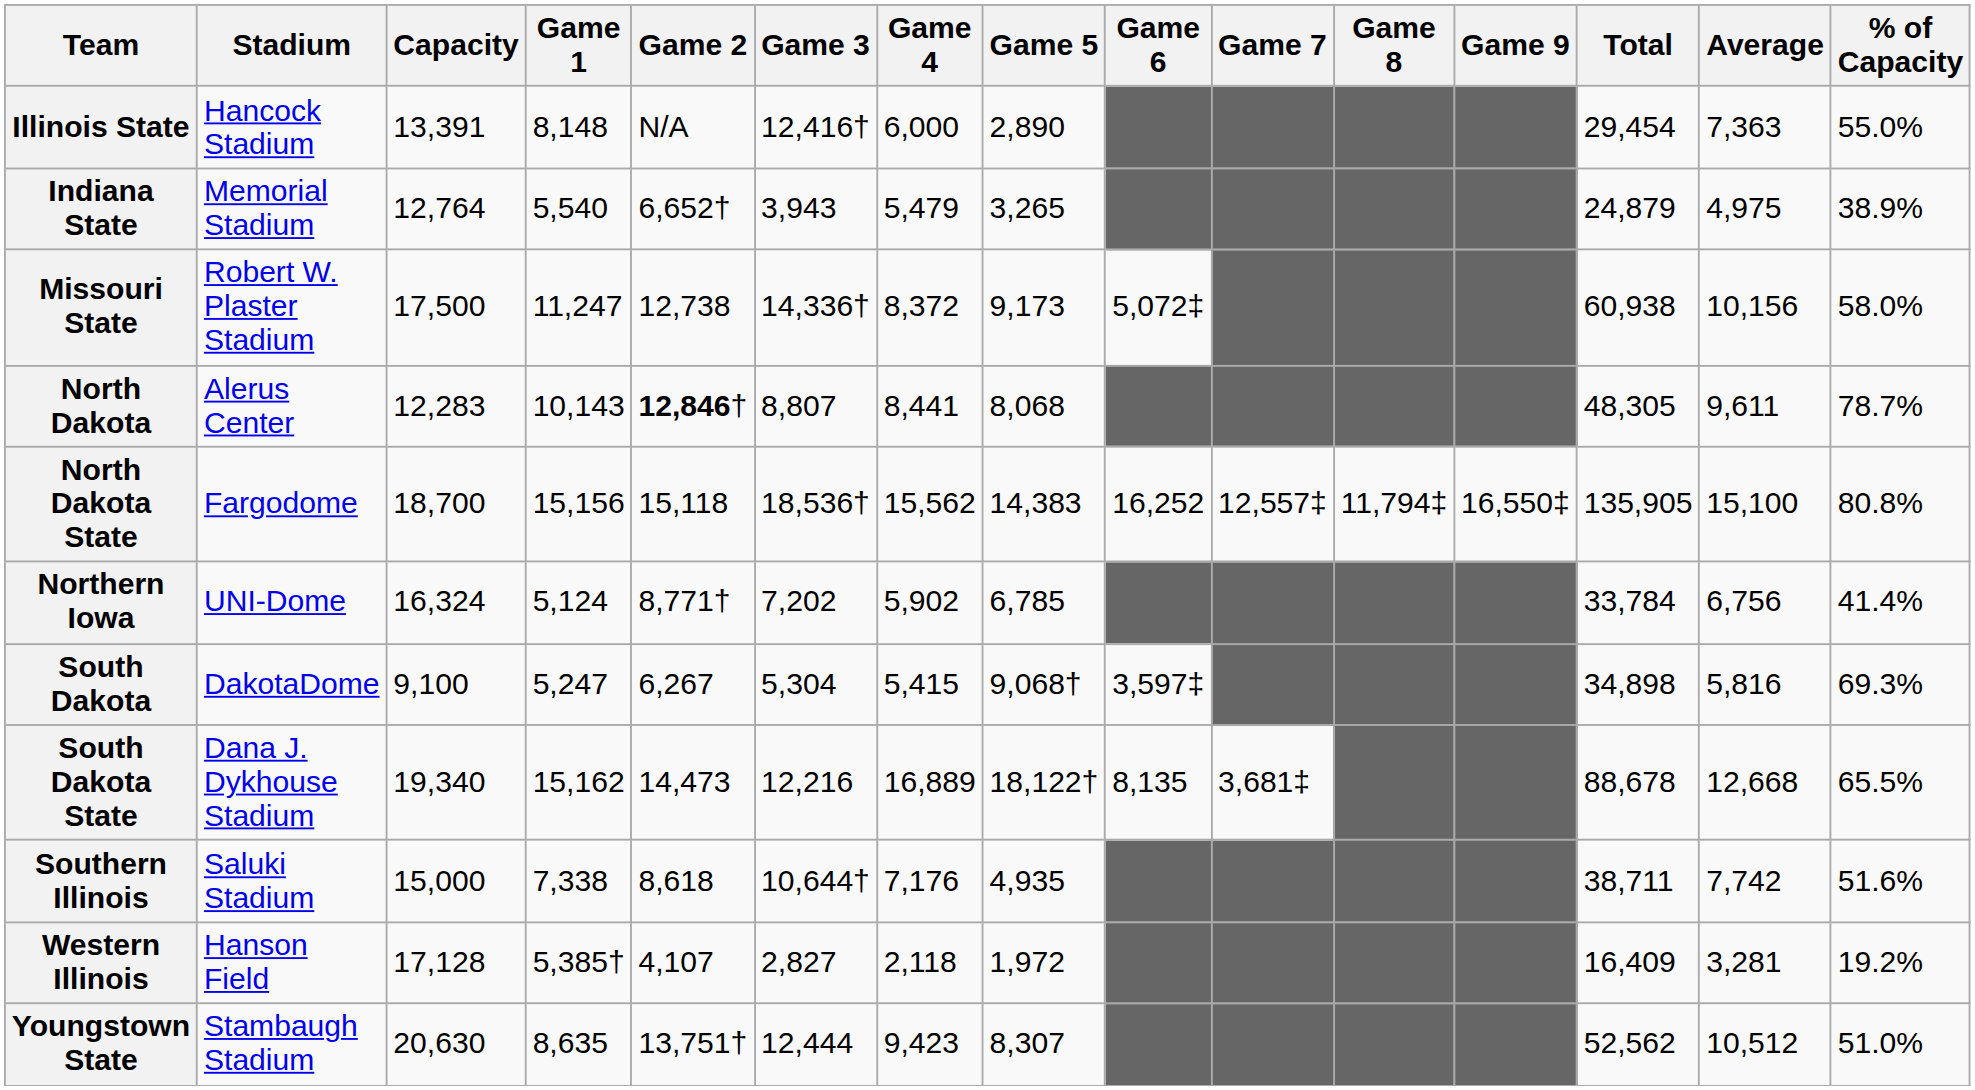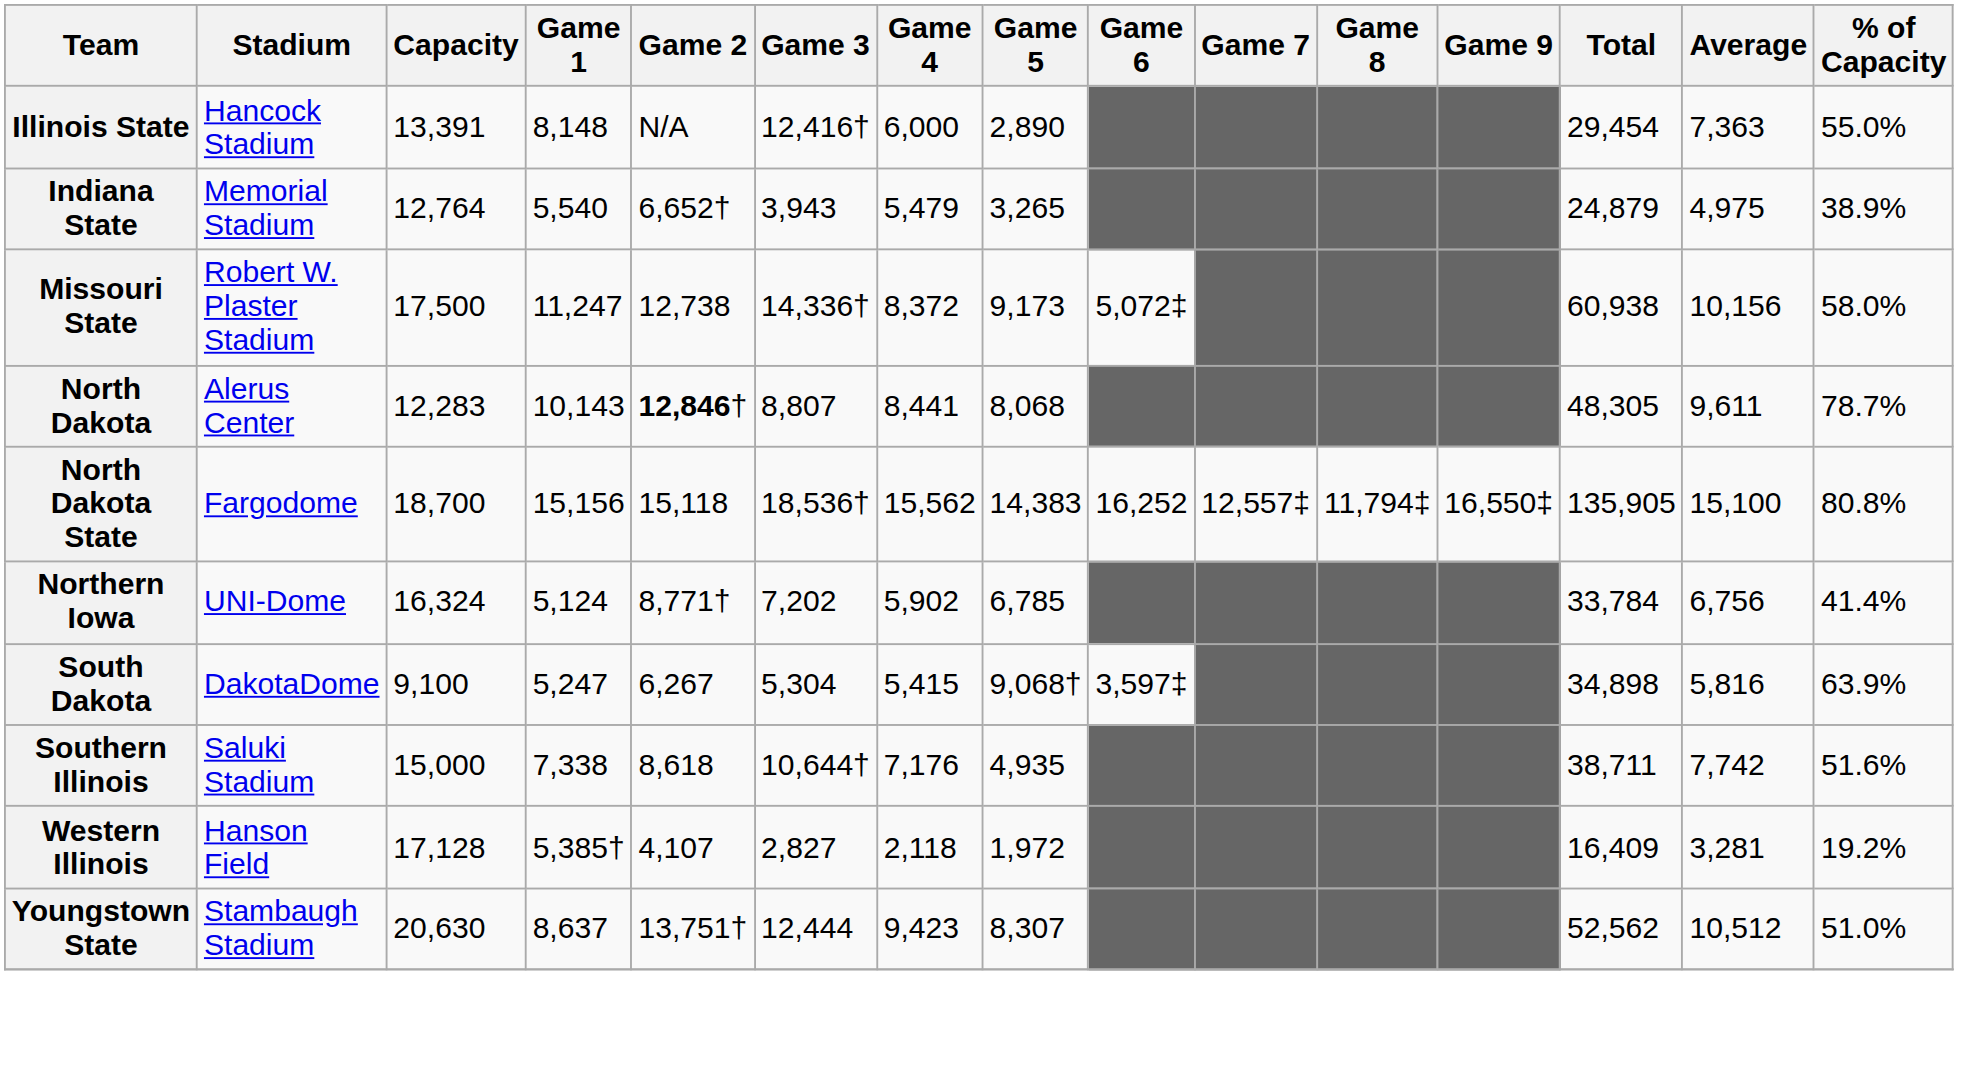 <table class="wikitable sortable">
 <tr>
 <th>Team</th>
 <th>Stadium</th>
 <th>Capacity</th>
 <th>Game 1</th>
 <th>Game 2</th>
 <th>Game 3</th>
 <th>Game 4</th>
 <th>Game 5</th>
 <th>Game 6</th>
 <th>Game 7</th>
 <th>Game 8</th>
 <th>Game 9</th>
 <th>Total</th>
 <th>Average</th>
 <th>% of Capacity</th>
 </tr>
 <tr>
 <th>Illinois State</th>
 <td><a href='#'>Hancock Stadium</a></td>
 <td>13,391</td>
 <td>8,148</td>
 <td>N/A</td>
 <td>12,416†</td>
 <td>6,000</td>
 <td>2,890</td>
 <td style="background:#666666;"></td>
 <td style="background:#666666;"></td>
 <td style="background:#666666;"></td>
 <td style="background:#666666;"></td>
 <td>29,454</td>
 <td>7,363</td>
 <td>55.0%</td>
 </tr>
 <tr>
 <th>Indiana State</th>
 <td><a href='#'>Memorial Stadium</a></td>
 <td>12,764</td>
 <td>5,540</td>
 <td>6,652†</td>
 <td>3,943</td>
 <td>5,479</td>
 <td>3,265</td>
 <td style="background:#666666;"></td>
 <td style="background:#666666;"></td>
 <td style="background:#666666;"></td>
 <td style="background:#666666;"></td>
 <td>24,879</td>
 <td>4,975</td>
 <td>38.9%</td>
 </tr>
 <tr>
 <th>Missouri State</th>
 <td><a href='#'>Robert W. Plaster Stadium</a></td>
 <td>17,500</td>
 <td>11,247</td>
 <td>12,738</td>
 <td>14,336†</td>
 <td>8,372</td>
 <td>9,173</td>
 <td>5,072‡</td>
 <td style="background:#666666;"></td>
 <td style="background:#666666;"></td>
 <td style="background:#666666;"></td>
 <td>60,938</td>
 <td>10,156</td>
 <td>58.0%</td>
 </tr>
 <tr>
 <th>North Dakota</th>
 <td><a href='#'>Alerus Center</a></td>
 <td>12,283</td>
 <td>10,143</td>
 <td><strong>12,846</strong>†</td>
 <td>8,807</td>
 <td>8,441</td>
 <td>8,068</td>
 <td style="background:#666666;"></td>
 <td style="background:#666666;"></td>
 <td style="background:#666666;"></td>
 <td style="background:#666666;"></td>
 <td>48,305</td>
 <td>9,611</td>
 <td>78.7%</td>
 </tr>
 <tr>
 <th>North Dakota State</th>
 <td><a href='#'>Fargodome</a></td>
 <td>18,700</td>
 <td>15,156</td>
 <td>15,118</td>
 <td>18,536†</td>
 <td>15,562</td>
 <td>14,383</td>
 <td>16,252</td>
 <td>12,557‡</td>
 <td>11,794‡</td>
 <td>16,550‡</td>
 <td>135,905</td>
 <td>15,100</td>
 <td>80.8%</td>
 </tr>
 <tr>
 <th>Northern Iowa</th>
 <td><a href='#'>UNI-Dome</a></td>
 <td>16,324</td>
 <td>5,124</td>
 <td>8,771†</td>
 <td>7,202</td>
 <td>5,902</td>
 <td>6,785</td>
 <td style="background:#666666;"></td>
 <td style="background:#666666;"></td>
 <td style="background:#666666;"></td>
 <td style="background:#666666;"></td>
 <td>33,784</td>
 <td>6,756</td>
 <td>41.4%</td>
 </tr>
 <tr>
 <th>South Dakota</th>
 <td><a href='#'>DakotaDome</a></td>
 <td>9,100</td>
 <td>5,247</td>
 <td>6,267</td>
 <td>5,304</td>
 <td>5,415</td>
 <td>9,068†</td>
 <td>3,597‡</td>
 <td style="background:#666666;"></td>
 <td style="background:#666666;"></td>
 <td style="background:#666666;"></td>
 <td>34,898</td>
 <td>5,816</td>
-<td>69.3%</td>
-</tr>
-<tr>
-<th>South Dakota State</th>
-<td><a href='#'>Dana J. Dykhouse Stadium</a></td>
-<td>19,340</td>
-<td>15,162</td>
-<td>14,473</td>
-<td>12,216</td>
-<td>16,889</td>
-<td>18,122†</td>
-<td>8,135</td>
-<td>3,681‡</td>
-<td style="background:#666666;"></td>
-<td style="background:#666666;"></td>
-<td>88,678</td>
-<td>12,668</td>
-<td>65.5%</td>
+<td>63.9%</td>
 </tr>
 <tr>
 <th>Southern Illinois</th>
 <td><a href='#'>Saluki Stadium</a></td>
 <td>15,000</td>
 <td>7,338</td>
 <td>8,618</td>
 <td>10,644†</td>
 <td>7,176</td>
 <td>4,935</td>
 <td style="background:#666666;"></td>
 <td style="background:#666666;"></td>
 <td style="background:#666666;"></td>
 <td style="background:#666666;"></td>
 <td>38,711</td>
 <td>7,742</td>
 <td>51.6%</td>
 </tr>
 <tr>
 <th>Western Illinois</th>
 <td><a href='#'>Hanson Field</a></td>
 <td>17,128</td>
 <td>5,385†</td>
 <td>4,107</td>
 <td>2,827</td>
 <td>2,118</td>
 <td>1,972</td>
 <td style="background:#666666;"></td>
 <td style="background:#666666;"></td>
 <td style="background:#666666;"></td>
 <td style="background:#666666;"></td>
 <td>16,409</td>
 <td>3,281</td>
 <td>19.2%</td>
 </tr>
 <tr>
 <th>Youngstown State</th>
 <td><a href='#'>Stambaugh Stadium</a></td>
 <td>20,630</td>
-<td>8,635</td>
+<td>8,637</td>
 <td>13,751†</td>
 <td>12,444</td>
 <td>9,423</td>
 <td>8,307</td>
 <td style="background:#666666;"></td>
 <td style="background:#666666;"></td>
 <td style="background:#666666;"></td>
 <td style="background:#666666;"></td>
 <td>52,562</td>
 <td>10,512</td>
 <td>51.0%</td>
 </tr>
 <tr>
 </tr>
 </table>
